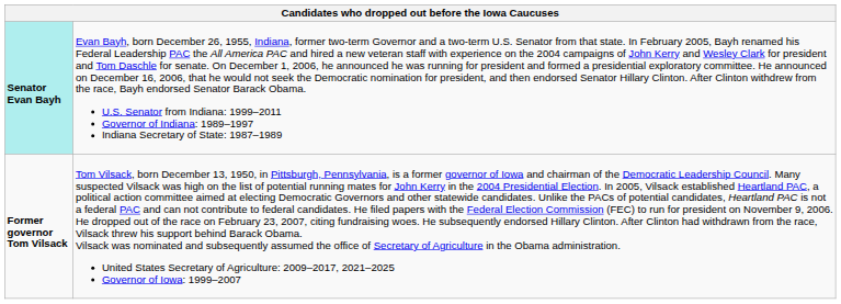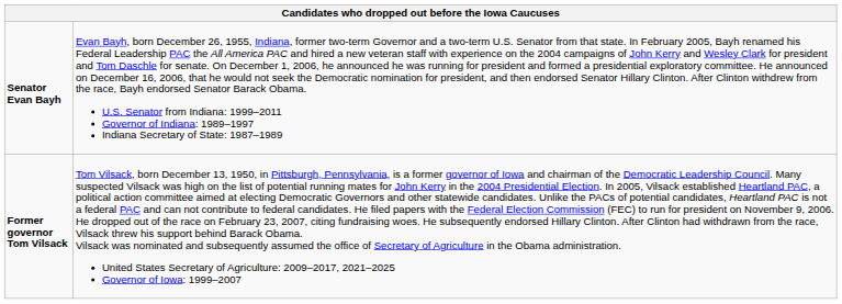 <table class="wikitable" style="margin:auto; width:100%;">
 <tr>
 <th colspan=2>Candidates who dropped out before the Iowa Caucuses</th>
 </tr>
 <tr>
-<td style="background: paleturquoise;"><br><strong>Senator Evan Bayh</strong></td>
+<td><br><strong>Senator Evan Bayh</strong></td>
 <td><br><a href='#'>Evan Bayh</a>, born December 26, 1955, <a href='#'>Indiana</a>, former two-term Governor and a two-term U.S. Senator from that state. In February 2005, Bayh renamed his Federal Leadership <a href='#'>PAC</a> the <em>All America PAC</em> and hired a new veteran staff with experience on the 2004 campaigns of <a href='#'>John Kerry</a> and <a href='#'>Wesley Clark</a> for president and <a href='#'>Tom Daschle</a> for senate. On December 1, 2006, he announced he was running for president and formed a presidential exploratory committee. He announced on December 16, 2006, that he would not seek the Democratic nomination for president, and then endorsed Senator Hillary Clinton. After Clinton withdrew from the race, Bayh endorsed Senator Barack Obama.<ul><li><a href='#'>U.S. Senator</a> from Indiana: 1999–2011</li><li><a href='#'>Governor of Indiana</a>: 1989–1997</li><li>Indiana Secretary of State: 1987–1989</li></ul></td>
 </tr>
 <tr>
 <td><br><strong>Former governor Tom Vilsack</strong></td>
 <td><br><a href='#'>Tom Vilsack</a>, born December 13, 1950, in <a href='#'>Pittsburgh, Pennsylvania</a>, is a former <a href='#'>governor of Iowa</a> and chairman of the <a href='#'>Democratic Leadership Council</a>. Many suspected Vilsack was high on the list of potential running mates for <a href='#'>John Kerry</a> in the <a href='#'>2004 Presidential Election</a>. In 2005, Vilsack established <a href='#'>Heartland PAC</a>, a political action committee aimed at electing Democratic Governors and other statewide candidates. Unlike the PACs of potential candidates, <em>Heartland PAC</em> is not a federal <a href='#'>PAC</a> and can not contribute to federal candidates. He filed papers with the <a href='#'>Federal Election Commission</a> (FEC) to run for president on November 9, 2006. He dropped out of the race on February 23, 2007, citing fundraising woes. He subsequently endorsed Hillary Clinton. After Clinton had withdrawn from the race, Vilsack threw his support behind Barack Obama.<br>Vilsack was nominated and subsequently assumed the office of <a href='#'>Secretary of Agriculture</a> in the Obama administration.<ul><li>United States Secretary of Agriculture: 2009–2017, 2021–2025</li><li><a href='#'>Governor of Iowa</a>: 1999–2007</li></ul></td>
 </tr>
 </table>
